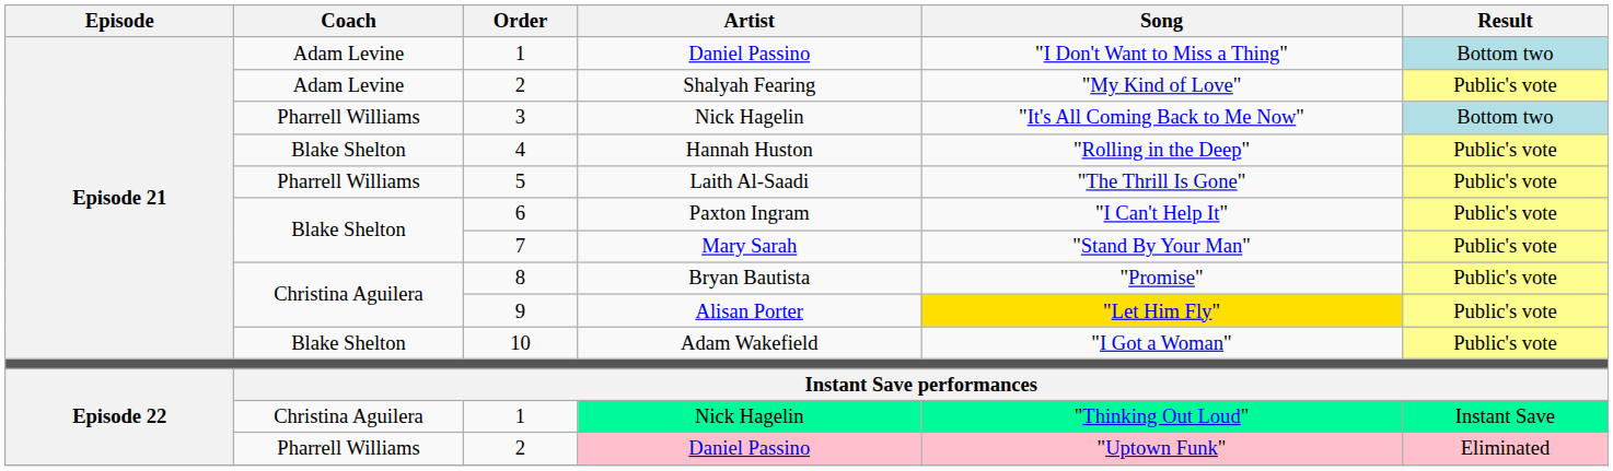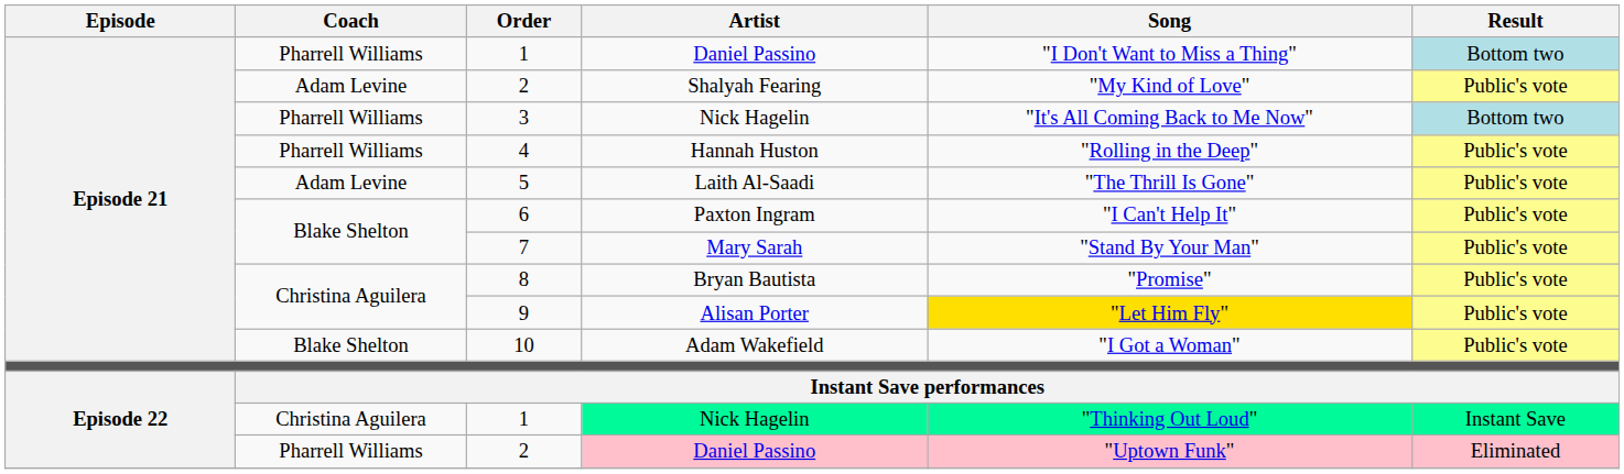 <table class="wikitable" style="text-align:center; width:100%;">
 <tr>
 <th style="width:10%;">Episode</th>
 <th style="width:10%;">Coach</th>
 <th style="width:05%;">Order</th>
 <th style="width:15%;">Artist</th>
 <th style="width:21%;">Song</th>
 <th style="width:9%;">Result</th>
 </tr>
 <tr>
 <th rowspan="10" scope="row">Episode 21<br><small></small></th>
-<td>Adam Levine</td>
+<td>Pharrell Williams</td>
 <td>1</td>
 <td><a href='#'>Daniel Passino</a></td>
 <td>"<a href='#'>I Don't Want to Miss a Thing</a>"</td>
 <td style="background:#B0E0E6;">Bottom two</td>
 </tr>
 <tr>
 <td>Adam Levine</td>
 <td>2</td>
 <td>Shalyah Fearing</td>
 <td>"<a href='#'>My Kind of Love</a>"</td>
 <td style="background:#fdfc8f;">Public's vote</td>
 </tr>
 <tr>
 <td>Pharrell Williams</td>
 <td>3</td>
 <td>Nick Hagelin</td>
 <td>"<a href='#'>It's All Coming Back to Me Now</a>"</td>
 <td style="background:#B0E0E6;">Bottom two</td>
 </tr>
 <tr>
-<td>Blake Shelton</td>
+<td>Pharrell Williams</td>
 <td>4</td>
 <td>Hannah Huston</td>
 <td>"<a href='#'>Rolling in the Deep</a>"</td>
 <td style="background:#fdfc8f;">Public's vote</td>
 </tr>
 <tr>
-<td>Pharrell Williams</td>
+<td>Adam Levine</td>
 <td>5</td>
 <td>Laith Al-Saadi</td>
 <td>"<a href='#'>The Thrill Is Gone</a>"</td>
 <td style="background:#fdfc8f;">Public's vote</td>
 </tr>
 <tr>
 <td rowspan=2>Blake Shelton</td>
 <td>6</td>
 <td>Paxton Ingram</td>
 <td>"<a href='#'>I Can't Help It</a>"</td>
 <td style="background:#fdfc8f;">Public's vote</td>
 </tr>
 <tr>
 <td>7</td>
 <td><a href='#'>Mary Sarah</a></td>
 <td>"<a href='#'>Stand By Your Man</a>"</td>
 <td style="background:#fdfc8f;">Public's vote</td>
 </tr>
 <tr>
 <td rowspan=2>Christina Aguilera</td>
 <td>8</td>
 <td>Bryan Bautista</td>
 <td>"<a href='#'>Promise</a>"</td>
 <td style="background:#fdfc8f;">Public's vote</td>
 </tr>
 <tr>
 <td>9</td>
 <td><a href='#'>Alisan Porter</a></td>
 <td style="background:#fedf00;">"<a href='#'>Let Him Fly</a>"</td>
 <td style="background:#fdfc8f;">Public's vote</td>
 </tr>
 <tr>
 <td>Blake Shelton</td>
 <td>10</td>
 <td>Adam Wakefield</td>
 <td>"<a href='#'>I Got a Woman</a>"</td>
 <td style="background:#fdfc8f;">Public's vote</td>
 </tr>
 <tr>
 <td colspan="6" style="background:#555;"></td>
 </tr>
 <tr>
 <th rowspan="4" scope="row">Episode 22<br><small></small></th>
 </tr>
 <tr>
 <th colspan="5">Instant Save performances</th>
 </tr>
 <tr>
 <td>Christina Aguilera</td>
 <td>1</td>
 <td style="background:#00FA9A;">Nick Hagelin</td>
 <td style="background:#00FA9A;">"<a href='#'>Thinking Out Loud</a>"</td>
 <td style="background:#00FA9A;">Instant Save</td>
 </tr>
 <tr>
 <td>Pharrell Williams</td>
 <td>2</td>
 <td style="background:Pink;"><a href='#'>Daniel Passino</a></td>
 <td style="background:Pink;">"<a href='#'>Uptown Funk</a>"</td>
 <td style="background:Pink;">Eliminated</td>
 </tr>
 <tr>
 </tr>
 </table>
